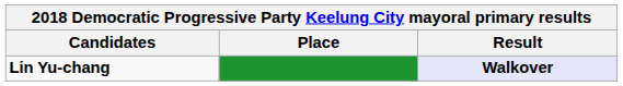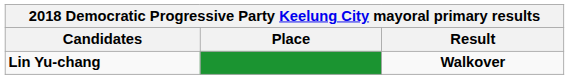 <table class="wikitable collapsible" style="margin:1em auto;">
 <tr>
 <th colspan="5" width=600>2018 Democratic Progressive Party <a href='#'>Keelung City</a> mayoral primary results</th>
 </tr>
 <tr>
 <th width=80>Candidates</th>
 <th width=80>Place</th>
 <th width=80>Result</th>
 </tr>
 <tr>
 <td><strong>Lin Yu-chang</strong></td>
 <td style="background: #1B9431; text-align:center"><strong></strong></td>
-<td style="background: lavender; text-align:center"><strong>Walkover</strong></td>
+<td style="text-align:center"><strong>Walkover</strong></td>
 </tr>
 </table>
